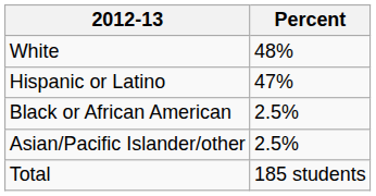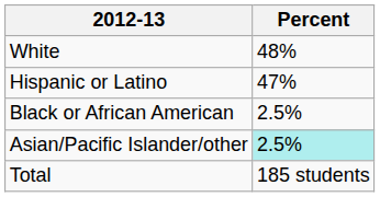 <table class="wikitable">
 <tr>
 <th>2012-13</th>
 <th>Percent</th>
 </tr>
 <tr>
 <td>White</td>
 <td>48%</td>
 </tr>
 <tr>
 <td>Hispanic or Latino</td>
 <td>47%</td>
 </tr>
 <tr>
 <td>Black or African American</td>
 <td>2.5%</td>
 </tr>
 <tr>
 <td>Asian/Pacific Islander/other</td>
-<td>2.5%</td>
+<td style="background: paleturquoise;">2.5%</td>
 </tr>
 <tr>
 <td>Total</td>
 <td>185 students</td>
 </tr>
 </table>
